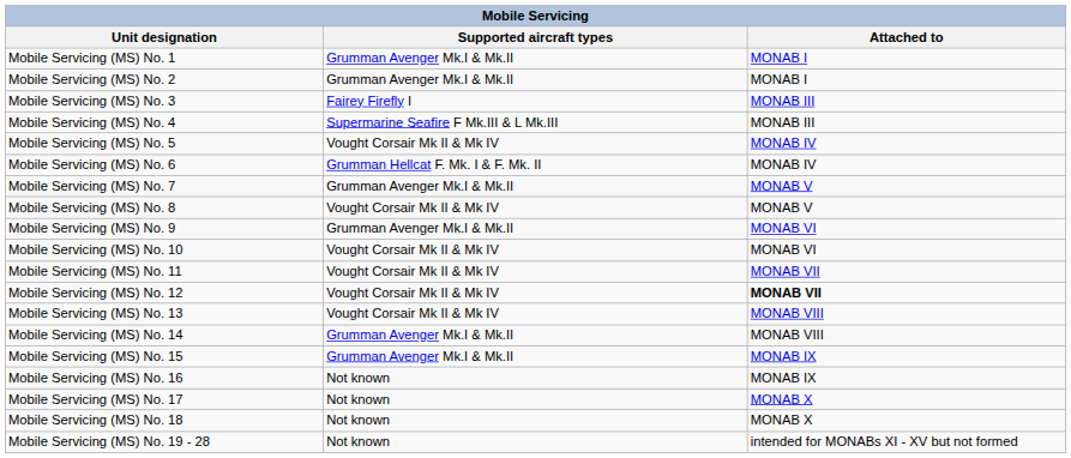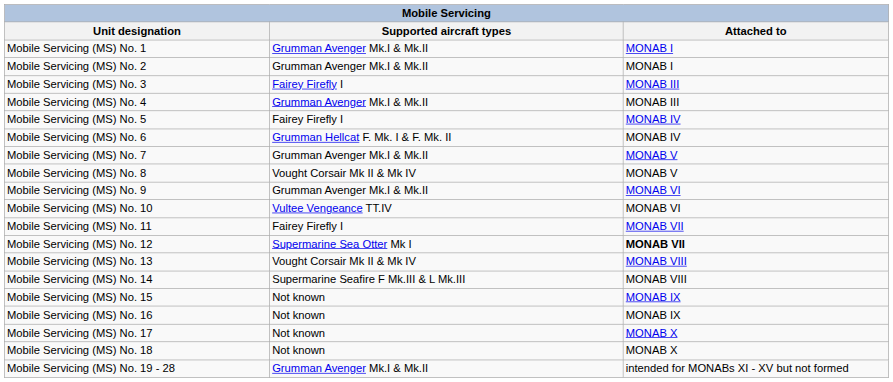 <table class="wikitable" style="margin:auto; width:100%;">
 <tr>
 <th style="align: center; background:#B0C4DE;" colspan="3">Mobile Servicing</th>
 </tr>
 <tr>
 <th style="text-align:center; width:30%;">Unit designation</th>
 <th style="text-align:center; width:40%;">Supported aircraft types</th>
 <th style="text-align:center; width:30%;">Attached to</th>
 </tr>
 <tr>
 <td>Mobile Servicing (MS) No. 1</td>
 <td><a href='#'>Grumman Avenger</a> Mk.I & Mk.II</td>
 <td><a href='#'>MONAB I</a></td>
 </tr>
 <tr>
 <td>Mobile Servicing (MS) No. 2</td>
 <td>Grumman Avenger Mk.I & Mk.II</td>
 <td>MONAB I</td>
 </tr>
 <tr>
 <td>Mobile Servicing (MS) No. 3</td>
 <td><a href='#'>Fairey Firefly</a> I</td>
 <td><a href='#'>MONAB III</a></td>
 </tr>
 <tr>
 <td>Mobile Servicing (MS) No. 4</td>
-<td><a href='#'>Supermarine Seafire</a> F Mk.III & L Mk.III</td>
+<td><a href='#'>Grumman Avenger</a> Mk.I & Mk.II</td>
 <td>MONAB III</td>
 </tr>
 <tr>
 <td>Mobile Servicing (MS) No. 5</td>
-<td>Vought Corsair Mk II & Mk IV</td>
+<td>Fairey Firefly I</td>
 <td><a href='#'>MONAB IV</a></td>
 </tr>
 <tr>
 <td>Mobile Servicing (MS) No. 6</td>
 <td><a href='#'>Grumman Hellcat</a> F. Mk. I & F. Mk. II</td>
 <td>MONAB IV</td>
 </tr>
 <tr>
 <td>Mobile Servicing (MS) No. 7</td>
 <td>Grumman Avenger Mk.I & Mk.II</td>
 <td><a href='#'>MONAB V</a></td>
 </tr>
 <tr>
 <td>Mobile Servicing (MS) No. 8</td>
 <td>Vought Corsair Mk II & Mk IV</td>
 <td>MONAB V</td>
 </tr>
 <tr>
 <td>Mobile Servicing (MS) No. 9</td>
 <td>Grumman Avenger Mk.I & Mk.II</td>
 <td><a href='#'>MONAB VI</a></td>
 </tr>
 <tr>
 <td>Mobile Servicing (MS) No. 10</td>
-<td>Vought Corsair Mk II & Mk IV</td>
+<td><a href='#'>Vultee Vengeance</a> TT.IV</td>
 <td>MONAB VI</td>
 </tr>
 <tr>
 <td>Mobile Servicing (MS) No. 11</td>
-<td>Vought Corsair Mk II & Mk IV</td>
+<td>Fairey Firefly I</td>
 <td><a href='#'>MONAB VII</a></td>
 </tr>
 <tr>
 <td>Mobile Servicing (MS) No. 12</td>
-<td>Vought Corsair Mk II & Mk IV</td>
+<td><a href='#'>Supermarine Sea Otter</a> Mk I</td>
 <td><strong>MONAB VII</strong></td>
 </tr>
 <tr>
 <td>Mobile Servicing (MS) No. 13</td>
 <td>Vought Corsair Mk II & Mk IV</td>
 <td><a href='#'>MONAB VIII</a></td>
 </tr>
 <tr>
 <td>Mobile Servicing (MS) No. 14</td>
-<td><a href='#'>Grumman Avenger</a> Mk.I & Mk.II</td>
+<td>Supermarine Seafire F Mk.III & L Mk.III</td>
 <td>MONAB VIII</td>
 </tr>
 <tr>
 <td>Mobile Servicing (MS) No. 15</td>
-<td><a href='#'>Grumman Avenger</a> Mk.I & Mk.II</td>
+<td>Not known</td>
 <td><a href='#'>MONAB IX</a></td>
 </tr>
 <tr>
 <td>Mobile Servicing (MS) No. 16</td>
 <td>Not known</td>
 <td>MONAB IX</td>
 </tr>
 <tr>
 <td>Mobile Servicing (MS) No. 17</td>
 <td>Not known</td>
 <td><a href='#'>MONAB X</a></td>
 </tr>
 <tr>
 <td>Mobile Servicing (MS) No. 18</td>
 <td>Not known</td>
 <td>MONAB X</td>
 </tr>
 <tr>
 <td>Mobile Servicing (MS) No. 19 - 28</td>
-<td>Not known</td>
+<td><a href='#'>Grumman Avenger</a> Mk.I & Mk.II</td>
 <td>intended for MONABs XI - XV but not formed</td>
 </tr>
 </table>
